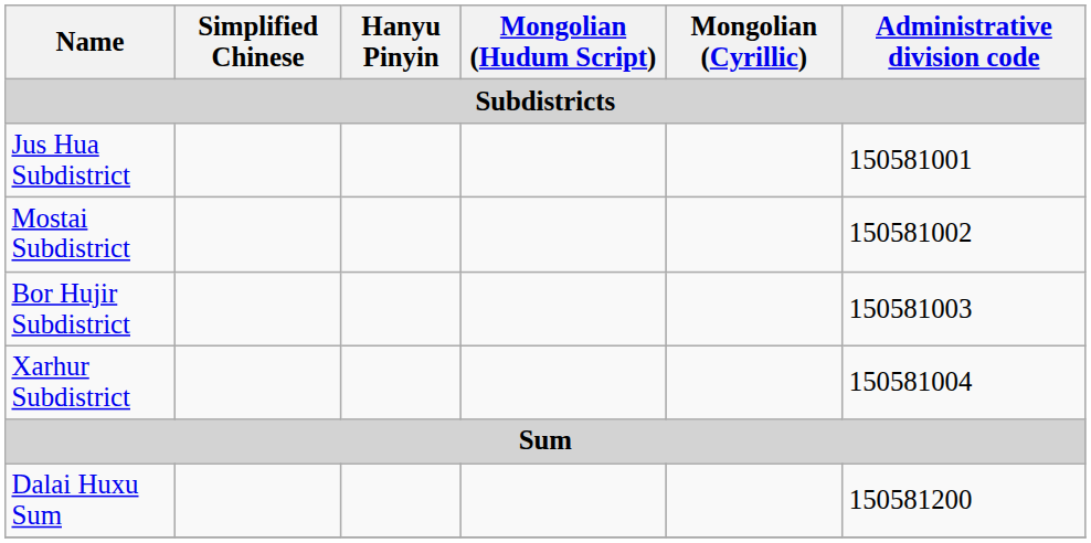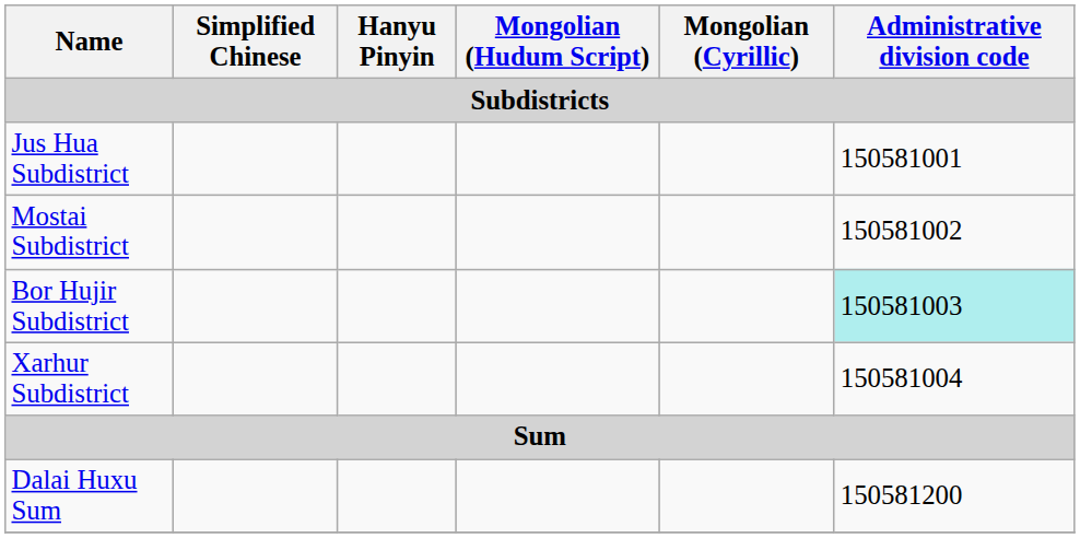 <table class="wikitable" align="center" style="width:50%; border="1">
 <tr>
 <th>Name</th>
 <th>Simplified Chinese</th>
 <th>Hanyu Pinyin</th>
 <th><a href='#'>Mongolian</a> (<a href='#'>Hudum Script</a>)</th>
 <th>Mongolian (<a href='#'>Cyrillic</a>)</th>
 <th><a href='#'>Administrative division code</a></th>
 </tr>
 <tr>
 <td colspan="6"  style="text-align:center; background:#d3d3d3;"><strong>Subdistricts</strong></td>
 </tr>
 <tr --------->
 <td><a href='#'>Jus Hua Subdistrict</a></td>
 <td></td>
 <td></td>
 <td></td>
 <td></td>
 <td>150581001</td>
 </tr>
 <tr>
 <td><a href='#'>Mostai Subdistrict</a></td>
 <td></td>
 <td></td>
 <td></td>
 <td></td>
 <td>150581002</td>
 </tr>
 <tr>
 <td><a href='#'>Bor Hujir Subdistrict</a></td>
 <td></td>
 <td></td>
 <td></td>
 <td></td>
-<td>150581003</td>
+<td style="background: paleturquoise;">150581003</td>
 </tr>
 <tr>
 <td><a href='#'>Xarhur Subdistrict</a></td>
 <td></td>
 <td></td>
 <td></td>
 <td></td>
 <td>150581004</td>
 </tr>
 <tr>
 <td colspan="6"  style="text-align:center; background:#d3d3d3;"><strong>Sum</strong></td>
 </tr>
 <tr --------->
 <td><a href='#'>Dalai Huxu Sum</a></td>
 <td></td>
 <td></td>
 <td></td>
 <td></td>
 <td>150581200</td>
 </tr>
 <tr>
 </tr>
 </table>
